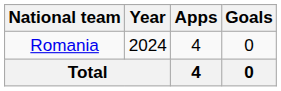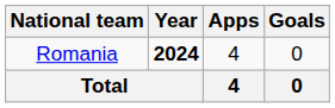 <table class="wikitable" style="text-align: center;">
 <tr>
 <th>National team</th>
 <th>Year</th>
 <th>Apps</th>
 <th>Goals</th>
 </tr>
 <tr>
 <td rowspan="1"><a href='#'>Romania</a></td>
-<td>2024</td>
+<td><strong>2024</strong></td>
 <td>4</td>
 <td>0</td>
 </tr>
 <tr>
 <th colspan="2">Total</th>
 <th>4</th>
 <th>0</th>
 </tr>
 </table>
